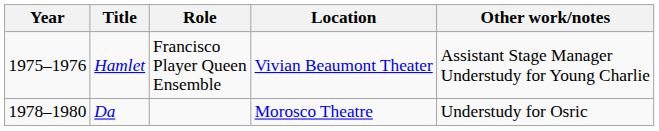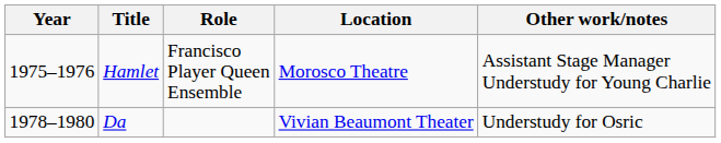 <table class="wikitable">
 <tr>
 <th>Year</th>
 <th>Title</th>
 <th>Role</th>
 <th>Location</th>
 <th>Other work/notes</th>
 </tr>
 <tr>
 <td>1975–1976</td>
 <td><em><a href='#'>Hamlet</a></em></td>
 <td>Francisco<br>Player Queen<br>Ensemble</td>
-<td><a href='#'>Vivian Beaumont Theater</a></td>
+<td><a href='#'>Morosco Theatre</a></td>
 <td>Assistant Stage Manager<br>Understudy for Young Charlie</td>
 </tr>
 <tr>
 <td>1978–1980</td>
 <td><em><a href='#'>Da</a></em></td>
 <td></td>
-<td><a href='#'>Morosco Theatre</a></td>
+<td><a href='#'>Vivian Beaumont Theater</a></td>
 <td>Understudy for Osric</td>
 </tr>
 </table>
